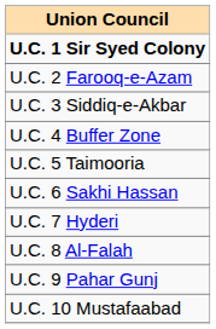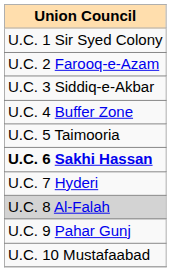 <table class="sortable wikitable" align="left">
 <tr>
 <th style="background:#ffdead;"><strong>Union Council</strong></th>
 </tr>
 <tr>
-<td style="border-bottom:1px solid grey;"><strong>U.C. 1 Sir Syed Colony</strong></td>
+<td style="border-bottom:1px solid grey;">U.C. 1 Sir Syed Colony</td>
 </tr>
 <tr>
 <td style="border-bottom:1px solid grey;">U.C. 2 <a href='#'>Farooq-e-Azam</a></td>
 </tr>
 <tr>
 <td style="border-bottom:1px solid grey;">U.C. 3 Siddiq-e-Akbar</td>
 </tr>
 <tr>
 <td style="border-bottom:1px solid grey;">U.C. 4 <a href='#'>Buffer Zone</a></td>
 </tr>
 <tr>
 <td style="border-bottom:1px solid grey;">U.C. 5 Taimooria</td>
 </tr>
 <tr>
-<td style="border-bottom:1px solid grey;">U.C. 6 <a href='#'>Sakhi Hassan</a></td>
+<td style="border-bottom:1px solid grey;"><strong>U.C. 6 <a href='#'>Sakhi Hassan</a></strong></td>
 </tr>
 <tr>
 <td style="border-bottom:1px solid grey;">U.C. 7 <a href='#'>Hyderi</a></td>
 </tr>
 <tr>
-<td style="border-bottom:1px solid grey;">U.C. 8 <a href='#'>Al-Falah</a></td>
+<td style="background: lightgrey; border-bottom:1px solid grey;">U.C. 8 <a href='#'>Al-Falah</a></td>
 </tr>
 <tr>
 <td style="border-bottom:1px solid grey;">U.C. 9 <a href='#'>Pahar Gunj</a></td>
 </tr>
 <tr>
 <td style="border-bottom:1px solid grey;">U.C. 10 Mustafaabad</td>
 </tr>
 <tr>
 </tr>
 </table>
